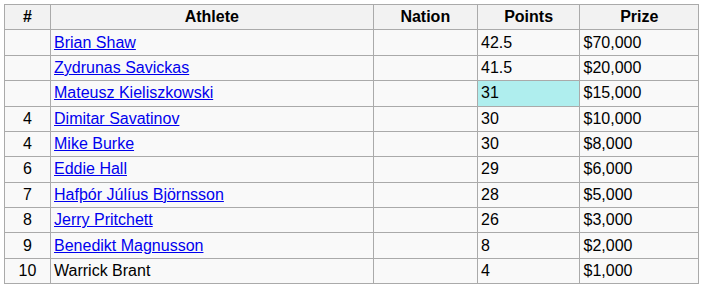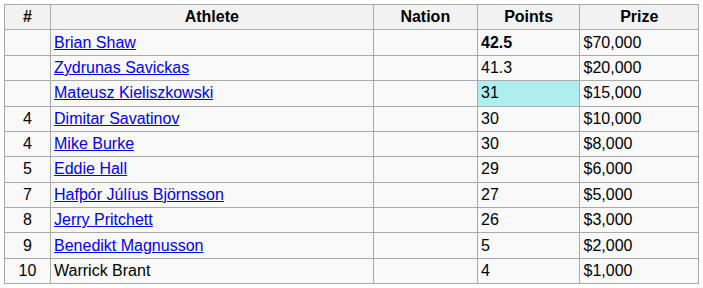 <table class="wikitable" style="display: inline-table;width: 55%;">
 <tr>
 <th scope="col">#</th>
 <th scope="col">Athlete</th>
 <th scope="col">Nation</th>
 <th scope="col">Points</th>
 <th scope="col">Prize</th>
 </tr>
 <tr>
 <td align="center"></td>
 <td><a href='#'>Brian Shaw</a></td>
 <td></td>
-<td>42.5</td>
+<td><strong>42.5</strong></td>
 <td>$70,000</td>
 </tr>
 <tr>
 <td align="center"></td>
 <td><a href='#'>Zydrunas Savickas</a></td>
 <td></td>
-<td>41.5</td>
+<td>41.3</td>
 <td>$20,000</td>
 </tr>
 <tr>
 <td align="center"></td>
 <td><a href='#'>Mateusz Kieliszkowski</a></td>
 <td></td>
 <td style="background: paleturquoise;">31</td>
 <td>$15,000</td>
 </tr>
 <tr>
 <td align="center">4</td>
 <td><a href='#'>Dimitar Savatinov</a></td>
 <td></td>
 <td>30</td>
 <td>$10,000</td>
 </tr>
 <tr>
 <td align="center">4</td>
 <td><a href='#'>Mike Burke</a></td>
 <td></td>
 <td>30</td>
 <td>$8,000</td>
 </tr>
 <tr>
-<td align="center">6</td>
+<td align="center">5</td>
 <td><a href='#'>Eddie Hall</a></td>
 <td></td>
 <td>29</td>
 <td>$6,000</td>
 </tr>
 <tr>
 <td align="center">7</td>
 <td><a href='#'>Hafþór Júlíus Björnsson</a></td>
 <td></td>
-<td>28</td>
+<td>27</td>
 <td>$5,000</td>
 </tr>
 <tr>
 <td align="center">8</td>
 <td><a href='#'>Jerry Pritchett</a></td>
 <td></td>
 <td>26</td>
 <td>$3,000</td>
 </tr>
 <tr>
 <td align="center">9</td>
 <td><a href='#'>Benedikt Magnusson</a></td>
 <td></td>
-<td>8</td>
+<td>5</td>
 <td>$2,000</td>
 </tr>
 <tr>
 <td align="center">10</td>
 <td>Warrick Brant</td>
 <td></td>
 <td>4</td>
 <td>$1,000</td>
 </tr>
 <tr>
 </tr>
 </table>
